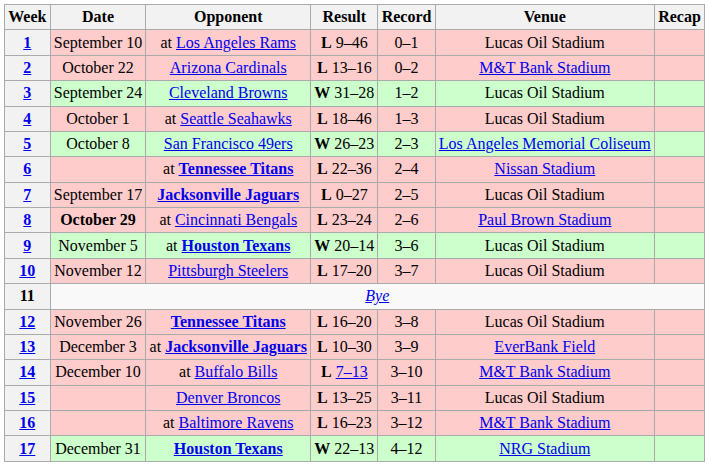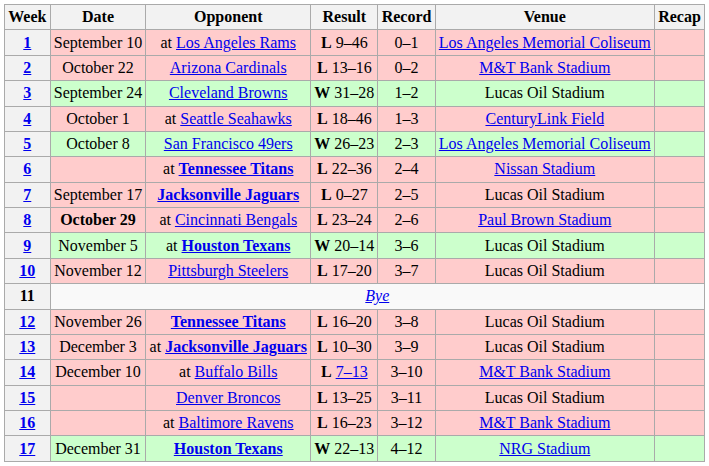 <table class="wikitable" style="text-align:center">
 <tr>
 <th>Week</th>
 <th>Date</th>
 <th>Opponent</th>
 <th>Result</th>
 <th>Record</th>
 <th>Venue</th>
 <th>Recap</th>
 </tr>
 <tr style="background:#fcc">
 <th><a href='#'>1</a></th>
 <td>September 10</td>
 <td>at  <a href='#'>Los Angeles Rams</a></td>
 <td><strong>L</strong> 9–46</td>
 <td>0–1</td>
-<td>Lucas Oil Stadium</td>
+<td><a href='#'>Los Angeles Memorial Coliseum</a></td>
 <td></td>
 </tr>
 <tr style="background:#fcc">
 <th><a href='#'>2</a></th>
 <td>October 22</td>
 <td><a href='#'>Arizona Cardinals</a></td>
 <td><strong>L</strong> 13–16 </td>
 <td>0–2</td>
 <td><a href='#'>M&T Bank Stadium</a></td>
 <td></td>
 </tr>
 <tr style="background:#cfc">
 <th><a href='#'>3</a></th>
 <td>September 24</td>
 <td><a href='#'>Cleveland Browns</a></td>
 <td><strong>W</strong> 31–28</td>
 <td>1–2</td>
 <td>Lucas Oil Stadium</td>
 <td></td>
 </tr>
 <tr style="background:#fcc">
 <th><a href='#'>4</a></th>
 <td>October 1</td>
 <td>at <a href='#'>Seattle Seahawks</a></td>
 <td><strong>L</strong> 18–46</td>
 <td>1–3</td>
-<td>Lucas Oil Stadium</td>
+<td><a href='#'>CenturyLink Field</a></td>
 <td></td>
 </tr>
 <tr style="background:#cfc">
 <th><a href='#'>5</a></th>
 <td>October 8</td>
 <td><a href='#'>San Francisco 49ers</a></td>
 <td><strong>W</strong> 26–23 </td>
 <td>2–3</td>
 <td><a href='#'>Los Angeles Memorial Coliseum</a></td>
 <td></td>
 </tr>
 <tr style="background:#fcc">
 <th><a href='#'>6</a></th>
 <td></td>
 <td>at <strong><a href='#'>Tennessee Titans</a></strong></td>
 <td><strong>L</strong> 22–36</td>
 <td>2–4</td>
 <td><a href='#'>Nissan Stadium</a></td>
 <td></td>
 </tr>
 <tr style="background:#fcc">
 <th><a href='#'>7</a></th>
 <td>September 17</td>
 <td><strong><a href='#'>Jacksonville Jaguars</a></strong></td>
 <td><strong>L</strong> 0–27</td>
 <td>2–5</td>
 <td>Lucas Oil Stadium</td>
 <td></td>
 </tr>
 <tr style="background:#fcc">
 <th><a href='#'>8</a></th>
 <td><strong>October 29</strong></td>
 <td>at <a href='#'>Cincinnati Bengals</a></td>
 <td><strong>L</strong> 23–24</td>
 <td>2–6</td>
 <td><a href='#'>Paul Brown Stadium</a></td>
 <td></td>
 </tr>
 <tr style="background:#cfc">
 <th><a href='#'>9</a></th>
 <td>November 5</td>
 <td>at <strong><a href='#'>Houston Texans</a></strong></td>
 <td><strong>W</strong> 20–14</td>
 <td>3–6</td>
 <td>Lucas Oil Stadium</td>
 <td></td>
 </tr>
 <tr style="background:#fcc">
 <th><a href='#'>10</a></th>
 <td>November 12</td>
 <td><a href='#'>Pittsburgh Steelers</a></td>
 <td><strong>L</strong> 17–20</td>
 <td>3–7</td>
 <td>Lucas Oil Stadium</td>
 <td></td>
 </tr>
 <tr>
 <th>11</th>
 <td colspan="6"><em><a href='#'>Bye</a></em></td>
 </tr>
 <tr style="background:#fcc">
 <th><a href='#'>12</a></th>
 <td>November 26</td>
 <td><strong><a href='#'>Tennessee Titans</a></strong></td>
 <td><strong>L</strong> 16–20</td>
 <td>3–8</td>
 <td>Lucas Oil Stadium</td>
 <td></td>
 </tr>
 <tr style="background:#fcc">
 <th><a href='#'>13</a></th>
 <td>December 3</td>
 <td>at <strong><a href='#'>Jacksonville Jaguars</a></strong></td>
 <td><strong>L</strong> 10–30</td>
 <td>3–9</td>
-<td><a href='#'>EverBank Field</a></td>
+<td>Lucas Oil Stadium</td>
 <td></td>
 </tr>
 <tr style="background:#fcc">
 <th><a href='#'>14</a></th>
 <td>December 10</td>
 <td>at <a href='#'>Buffalo Bills</a></td>
 <td><strong>L</strong> <a href='#'>7–13 </a></td>
 <td>3–10</td>
 <td><a href='#'>M&T Bank Stadium</a></td>
 <td></td>
 </tr>
 <tr style="background:#fcc">
 <th><a href='#'>15</a></th>
 <td></td>
 <td><a href='#'>Denver Broncos</a></td>
 <td><strong>L</strong> 13–25</td>
 <td>3–11</td>
 <td>Lucas Oil Stadium</td>
 <td></td>
 </tr>
 <tr style="background:#fcc">
 <th><a href='#'>16</a></th>
 <td></td>
 <td>at <a href='#'>Baltimore Ravens</a></td>
 <td><strong>L</strong> 16–23</td>
 <td>3–12</td>
 <td><a href='#'>M&T Bank Stadium</a></td>
 <td></td>
 </tr>
 <tr style="background:#cfc">
 <th><a href='#'>17</a></th>
 <td>December 31</td>
 <td><strong><a href='#'>Houston Texans</a></strong></td>
 <td><strong>W</strong> 22–13</td>
 <td>4–12</td>
 <td><a href='#'>NRG Stadium</a></td>
 <td></td>
 </tr>
 </table>
